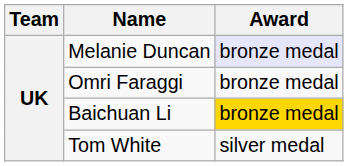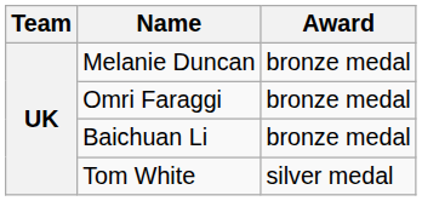 <table class="wikitable">
 <tr>
 <th>Team</th>
 <th>Name</th>
 <th>Award</th>
 </tr>
 <tr>
 <th rowspan=4 valign="middle">UK</th>
 <td>Melanie Duncan</td>
-<td style="background: lavender;">bronze medal</td>
+<td>bronze medal</td>
 </tr>
 <tr>
 <td>Omri Faraggi</td>
 <td>bronze medal</td>
 </tr>
 <tr>
 <td>Baichuan Li</td>
-<td style="background: gold;">bronze medal</td>
+<td>bronze medal</td>
 </tr>
 <tr>
 <td>Tom White</td>
 <td>silver medal</td>
 </tr>
 </table>
